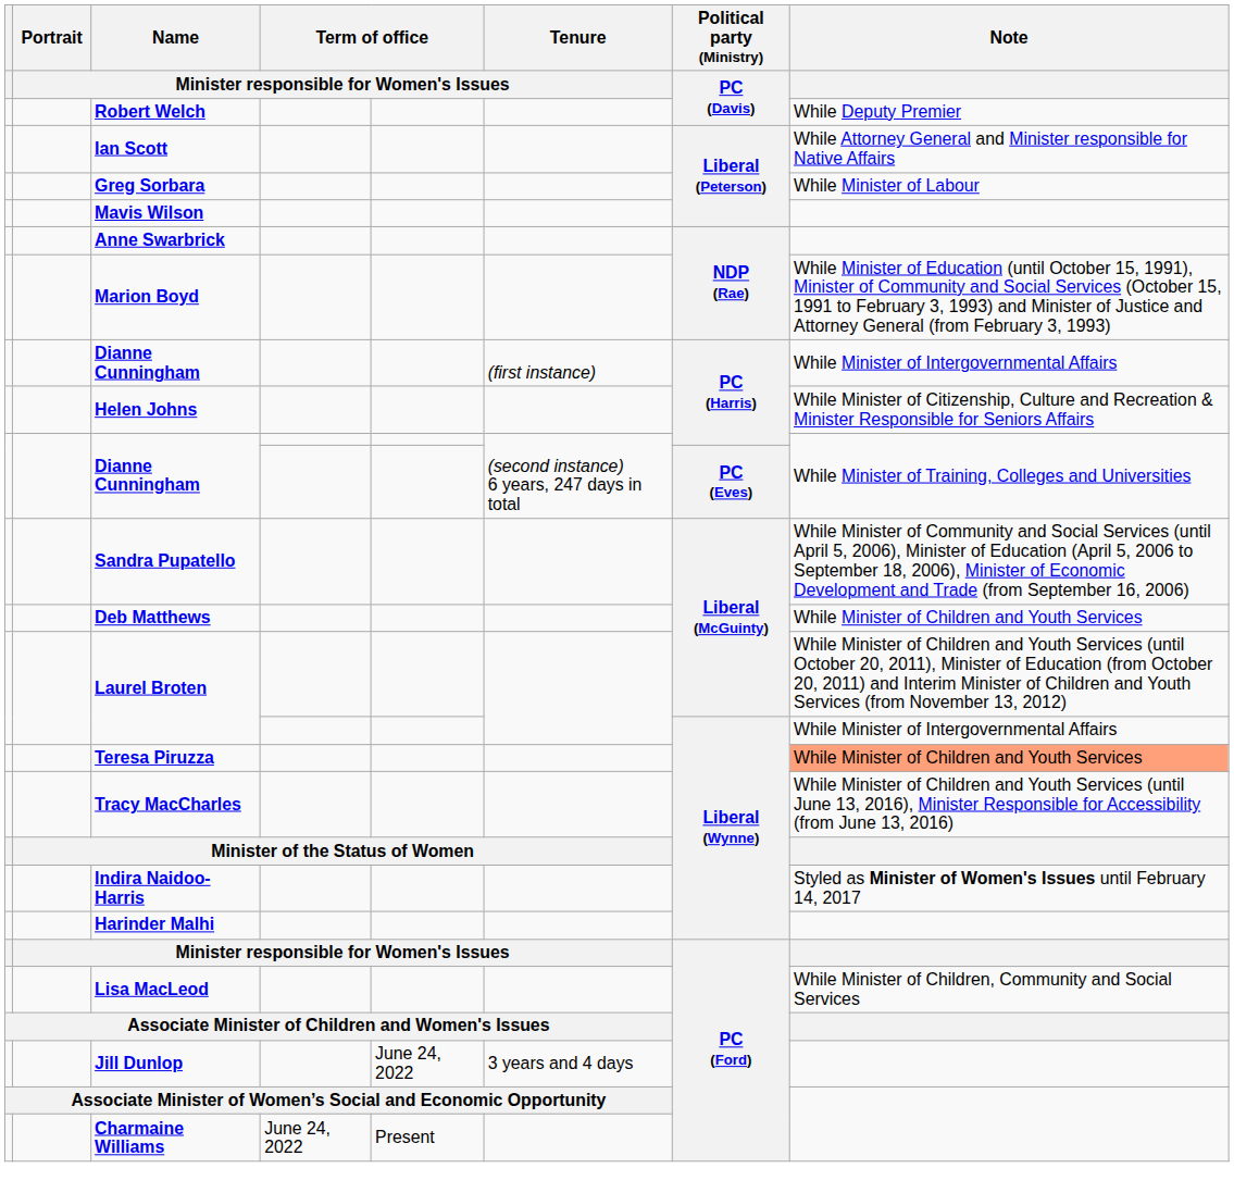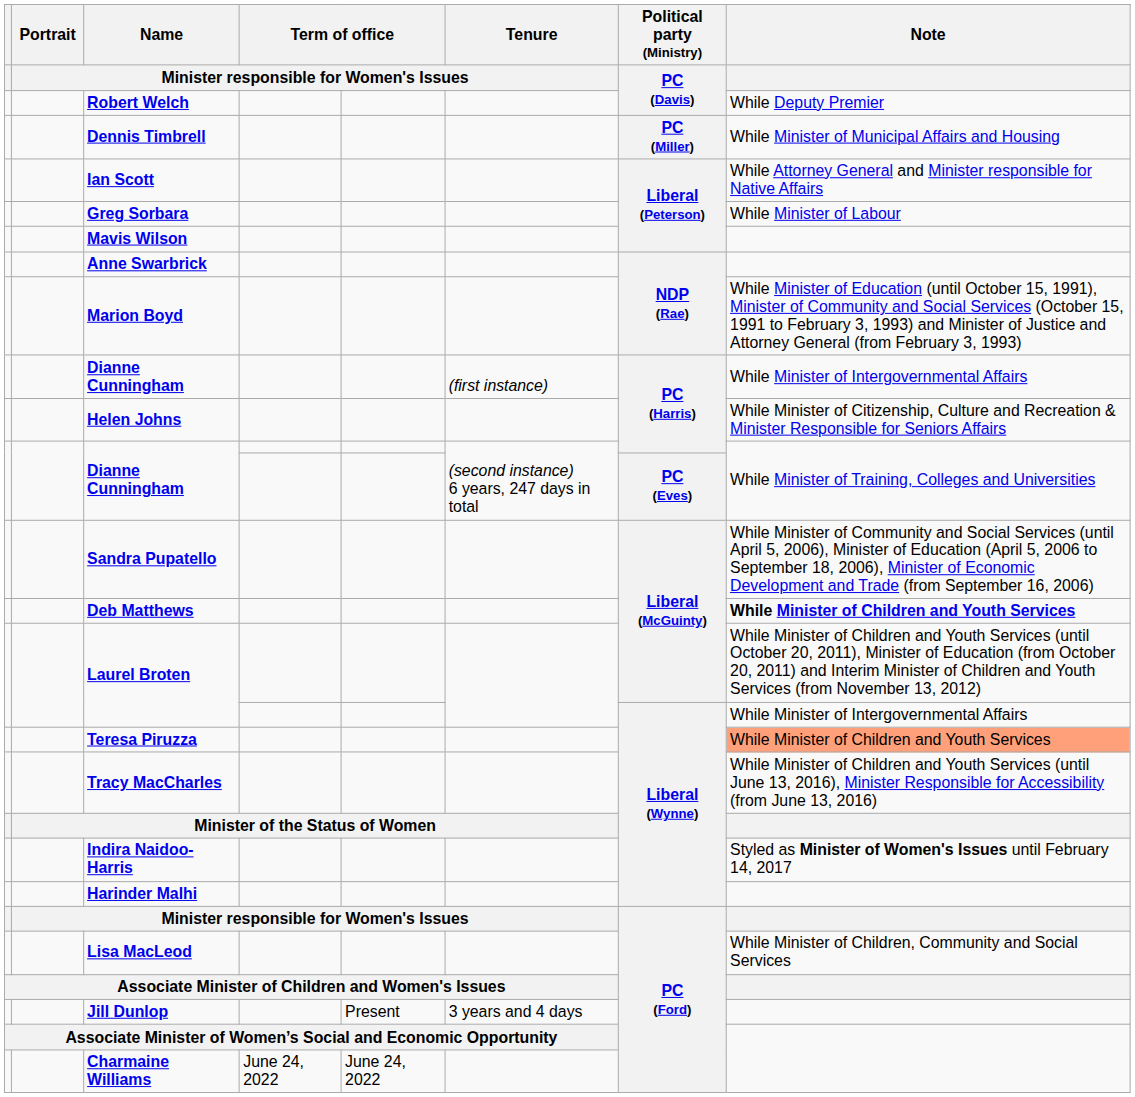 <table class="wikitable" style="width: 90%">
 <tr>
 <th></th>
 <th style="width: 65px;">Portrait</th>
 <th>Name</th>
 <th colspan=2>Term of office</th>
 <th>Tenure</th>
 <th>Political party<br><small>(Ministry)</small></th>
 <th style="width: 400px;">Note</th>
 </tr>
 <tr>
 <th></th>
 <th colspan=5><strong>Minister responsible for Women's Issues</strong></th>
 <th rowspan=2; style="background:"><a href='#'>PC</a><br><small>(<a href='#'>Davis</a>)</small></th>
 <th></th>
 </tr>
 <tr>
 <td style="background:"></td>
 <td></td>
 <td><strong><a href='#'>Robert Welch</a></strong></td>
 <td></td>
 <td></td>
 <td></td>
 <td>While <a href='#'>Deputy Premier</a></td>
+</tr>
+<tr>
+<td style="background:"></td>
+<td></td>
+<td><strong><a href='#'>Dennis Timbrell</a></strong></td>
+<td></td>
+<td></td>
+<td></td>
+<th style="background:"><a href='#'>PC</a><br><small>(<a href='#'>Miller</a>)</small></th>
+<td>While <a href='#'>Minister of Municipal Affairs and Housing</a></td>
 </tr>
 <tr>
 <td style="background:"></td>
 <td></td>
 <td><strong><a href='#'>Ian Scott</a></strong></td>
 <td></td>
 <td></td>
 <td></td>
 <th rowspan=3; style="background:"><a href='#'>Liberal</a><br><small>(<a href='#'>Peterson</a>)</small></th>
 <td>While <a href='#'>Attorney General</a> and <a href='#'>Minister responsible for Native Affairs</a></td>
 </tr>
 <tr>
 <td style="background:"></td>
 <td></td>
 <td><strong><a href='#'>Greg Sorbara</a></strong></td>
 <td></td>
 <td></td>
 <td></td>
 <td>While <a href='#'>Minister of Labour</a></td>
 </tr>
 <tr>
 <td style="background:"></td>
 <td></td>
 <td><strong><a href='#'>Mavis Wilson</a></strong></td>
 <td></td>
 <td></td>
 <td></td>
 <td></td>
 </tr>
 <tr>
 <td style="background:"></td>
 <td></td>
 <td><strong><a href='#'>Anne Swarbrick</a></strong></td>
 <td></td>
 <td></td>
 <td></td>
 <th rowspan=2 ; style="background:"><a href='#'>NDP</a><br><small>(<a href='#'>Rae</a>)</small></th>
 <td></td>
 </tr>
 <tr>
 <td style="background:"></td>
 <td></td>
 <td><strong><a href='#'>Marion Boyd</a></strong></td>
 <td></td>
 <td></td>
 <td></td>
 <td>While <a href='#'>Minister of Education</a> (until October 15, 1991), <a href='#'>Minister of Community and Social Services</a> (October 15, 1991 to February 3, 1993) and Minister of Justice and Attorney General (from February 3, 1993)</td>
 </tr>
 <tr>
 <td style="background:"></td>
 <td></td>
 <td><strong><a href='#'>Dianne Cunningham</a></strong></td>
 <td></td>
 <td></td>
 <td><br><em>(first instance)</em></td>
 <th rowspan=3 ; style="background:"><a href='#'>PC</a><br><small>(<a href='#'>Harris</a>)</small></th>
 <td>While <a href='#'>Minister of Intergovernmental Affairs</a></td>
 </tr>
 <tr>
 <td style="background:"></td>
 <td></td>
 <td><strong><a href='#'>Helen Johns</a></strong></td>
 <td></td>
 <td></td>
 <td></td>
 <td>While Minister of Citizenship, Culture and Recreation & <a href='#'>Minister Responsible for Seniors Affairs</a></td>
 </tr>
 <tr>
 <td rowspan=2 ; style="background:"></td>
 <td rowspan=2></td>
 <td rowspan=2><strong><a href='#'>Dianne Cunningham</a></strong></td>
 <td></td>
 <td></td>
 <td rowspan=2><br><em>(second instance)</em><br>6 years, 247 days in total</td>
 <td rowspan=2>While <a href='#'>Minister of Training, Colleges and Universities</a></td>
 </tr>
 <tr>
 <td></td>
 <td></td>
 <th style="background:"><a href='#'>PC</a><br><small>(<a href='#'>Eves</a>)</small></th>
 </tr>
 <tr>
 <td style="background:"></td>
 <td></td>
 <td><strong><a href='#'>Sandra Pupatello</a></strong></td>
 <td></td>
 <td></td>
 <td></td>
 <th rowspan=3; style="background:"><a href='#'>Liberal</a><br><small>(<a href='#'>McGuinty</a>)</small></th>
 <td>While Minister of Community and Social Services (until April 5, 2006), Minister of Education (April 5, 2006 to September 18, 2006), <a href='#'>Minister of Economic Development and Trade</a> (from September 16, 2006)</td>
 </tr>
 <tr>
 <td style="background:"></td>
 <td></td>
 <td><strong><a href='#'>Deb Matthews</a></strong></td>
 <td></td>
 <td></td>
 <td></td>
-<td>While <a href='#'>Minister of Children and Youth Services</a></td>
+<td><strong>While <a href='#'>Minister of Children and Youth Services</a></strong></td>
 </tr>
 <tr>
 <td rowspan=2; style="background:"></td>
 <td rowspan=2></td>
 <td rowspan=2><strong><a href='#'>Laurel Broten</a></strong></td>
 <td></td>
 <td></td>
 <td rowspan=2></td>
 <td>While Minister of Children and Youth Services (until October 20, 2011), Minister of Education (from October 20, 2011) and Interim Minister of Children and Youth Services (from November 13, 2012)</td>
 </tr>
 <tr>
 <td></td>
 <td></td>
 <th rowspan=6; style="background:"><a href='#'>Liberal</a><br><small>(<a href='#'>Wynne</a>)</small></th>
 <td>While Minister of Intergovernmental Affairs</td>
 </tr>
 <tr>
 <td style="background:"></td>
 <td></td>
 <td><strong><a href='#'>Teresa Piruzza</a></strong></td>
 <td></td>
 <td></td>
 <td></td>
 <td style="background: lightsalmon;">While Minister of Children and Youth Services</td>
 </tr>
 <tr>
 <td style="background:"></td>
 <td></td>
 <td><strong><a href='#'>Tracy MacCharles</a></strong></td>
 <td></td>
 <td></td>
 <td></td>
 <td>While Minister of Children and Youth Services (until June 13, 2016), <a href='#'>Minister Responsible for Accessibility</a> (from June 13, 2016)</td>
 </tr>
 <tr>
 <th></th>
 <th colspan=5><strong>Minister of the Status of Women</strong></th>
 <th></th>
 </tr>
 <tr>
 <td style="background:"></td>
 <td></td>
 <td><strong><a href='#'>Indira Naidoo-Harris</a></strong></td>
 <td></td>
 <td></td>
 <td></td>
 <td>Styled as <strong>Minister of Women's Issues</strong> until February 14, 2017</td>
 </tr>
 <tr>
 <td style="background:"></td>
 <td></td>
 <td><strong><a href='#'>Harinder Malhi</a></strong></td>
 <td></td>
 <td></td>
 <td></td>
 <td></td>
 </tr>
 <tr>
 <th></th>
 <th colspan=5><strong>Minister responsible for Women's Issues</strong></th>
 <th rowspan=6; style="background:"><a href='#'>PC</a><br><small>(<a href='#'>Ford</a>)</small></th>
 <th></th>
 </tr>
 <tr>
 <td style="background:"></td>
 <td></td>
 <td><strong><a href='#'>Lisa MacLeod</a></strong></td>
 <td></td>
 <td></td>
 <td></td>
 <td>While Minister of Children, Community and Social Services</td>
 </tr>
 <tr>
 <th colspan=6><strong>Associate Minister of Children and Women's Issues</strong></th>
 <th></th>
 </tr>
 <tr>
 <td style="background:"></td>
 <td></td>
 <td><strong><a href='#'>Jill Dunlop</a></strong></td>
 <td></td>
-<td>June 24, 2022</td>
+<td>Present</td>
 <td>3 years and 4 days</td>
 <td></td>
 </tr>
 <tr>
 <th colspan=6><strong>Associate Minister of Women’s Social and Economic Opportunity</strong></th>
 </tr>
 <tr>
 <td style="background:"></td>
 <td></td>
 <td><strong><a href='#'>Charmaine Williams</a></strong></td>
 <td>June 24, 2022</td>
-<td>Present</td>
+<td>June 24, 2022</td>
 <td></td>
 </tr>
 </table>
